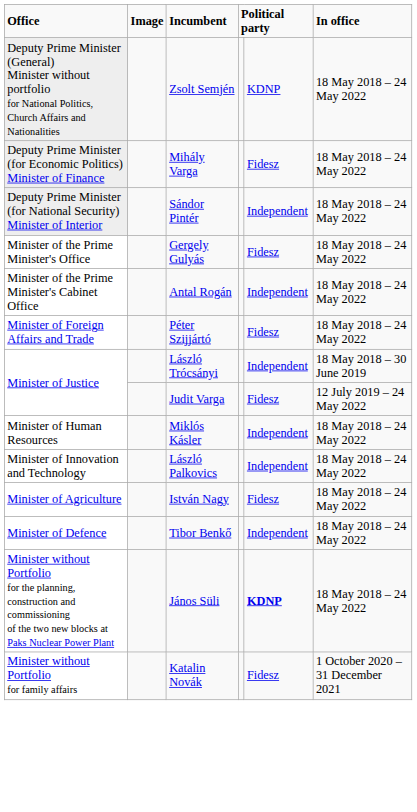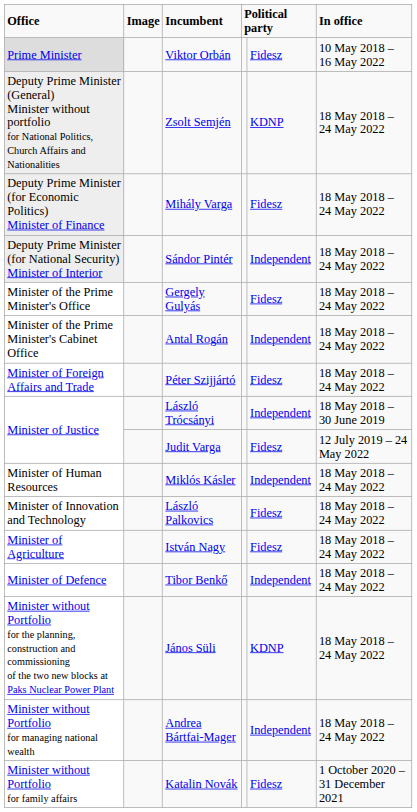 <table class="wikitable" style="width:85%">
 <tr>
 <td><strong>Office</strong></td>
 <td><strong>Image</strong></td>
 <td><strong>Incumbent</strong></td>
 <td colspan="2"><strong>Political party</strong></td>
 <td><strong>In office</strong></td>
+</tr>
+<tr>
+<td bgcolor="#DDDDDD"><a href='#'>Prime Minister</a></td>
+<td></td>
+<td><a href='#'>Viktor Orbán</a></td>
+<td style="color:inherit;background-color: "></td>
+<td><a href='#'>Fidesz</a></td>
+<td>10 May 2018 – 16 May 2022</td>
 </tr>
 <tr>
 <td bgcolor="#EEEEEE">Deputy Prime Minister (General)<br>Minister without portfolio<br><small>for National Politics, Church Affairs and Nationalities</small></td>
 <td></td>
 <td><a href='#'>Zsolt Semjén</a></td>
 <td style="color:inherit;background-color: "></td>
 <td><a href='#'>KDNP</a></td>
 <td>18 May 2018 – 24 May 2022</td>
 </tr>
 <tr>
 <td bgcolor="#EEEEEE">Deputy Prime Minister (for Economic Politics)<br><a href='#'>Minister of Finance</a></td>
 <td></td>
 <td><a href='#'>Mihály Varga</a></td>
 <td style="color:inherit;background-color: "></td>
 <td><a href='#'>Fidesz</a></td>
 <td>18 May 2018 – 24 May 2022</td>
 </tr>
 <tr>
 <td bgcolor="#EEEEEE">Deputy Prime Minister (for National Security)<br><a href='#'>Minister of Interior</a></td>
 <td></td>
 <td><a href='#'>Sándor Pintér</a></td>
 <td style="color:inherit;background-color: "></td>
 <td><a href='#'>Independent</a></td>
 <td>18 May 2018 – 24 May 2022</td>
 </tr>
 <tr>
 <td bgcolor="#FFFFFF">Minister of the Prime Minister's Office</td>
 <td></td>
 <td><a href='#'>Gergely Gulyás</a></td>
 <td style="color:inherit;background-color: "></td>
 <td><a href='#'>Fidesz</a></td>
 <td>18 May 2018 – 24 May 2022</td>
 </tr>
 <tr>
 <td bgcolor="#FFFFFF">Minister of the Prime Minister's Cabinet Office</td>
 <td></td>
 <td><a href='#'>Antal Rogán</a></td>
 <td style="color:inherit;background-color: "></td>
 <td><a href='#'>Independent</a></td>
 <td>18 May 2018 – 24 May 2022</td>
 </tr>
 <tr>
 <td bgcolor="#FFFFFF"><a href='#'>Minister of Foreign Affairs and Trade</a></td>
 <td></td>
 <td><a href='#'>Péter Szijjártó</a></td>
 <td style="color:inherit;background-color: "></td>
 <td><a href='#'>Fidesz</a></td>
 <td>18 May 2018 – 24 May 2022</td>
 </tr>
 <tr>
 <td rowspan="2" bgcolor="#FFFFFF"><a href='#'>Minister of Justice</a></td>
 <td></td>
 <td><a href='#'>László Trócsányi</a></td>
 <td style="color:inherit;background-color: "></td>
 <td><a href='#'>Independent</a></td>
 <td>18 May 2018 – 30 June 2019</td>
 </tr>
 <tr>
 <td></td>
 <td><a href='#'>Judit Varga</a></td>
 <td style="color:inherit;background-color: "></td>
 <td><a href='#'>Fidesz</a></td>
 <td>12 July 2019 – 24 May 2022</td>
 </tr>
 <tr>
 <td bgcolor="#FFFFFF">Minister of Human Resources</td>
 <td></td>
 <td><a href='#'>Miklós Kásler</a></td>
 <td style="color:inherit;background-color: "></td>
 <td><a href='#'>Independent</a></td>
 <td>18 May 2018 – 24 May 2022</td>
 </tr>
 <tr>
 <td bgcolor="#FFFFFF">Minister of Innovation and Technology</td>
 <td></td>
 <td><a href='#'>László Palkovics</a></td>
 <td style="color:inherit;background-color: "></td>
-<td><a href='#'>Independent</a></td>
+<td><a href='#'>Fidesz</a></td>
 <td>18 May 2018 – 24 May 2022</td>
 </tr>
 <tr>
 <td bgcolor="#FFFFFF"><a href='#'>Minister of Agriculture</a></td>
 <td></td>
 <td><a href='#'>István Nagy</a></td>
 <td style="color:inherit;background-color: "></td>
 <td><a href='#'>Fidesz</a></td>
 <td>18 May 2018 – 24 May 2022</td>
 </tr>
 <tr>
 <td bgcolor="#FFFFFF"><a href='#'>Minister of Defence</a></td>
 <td></td>
 <td><a href='#'>Tibor Benkő</a></td>
 <td style="color:inherit;background-color: "></td>
 <td><a href='#'>Independent</a></td>
 <td>18 May 2018 – 24 May 2022</td>
 </tr>
 <tr>
 <td bgcolor="#FFFFFF"><a href='#'>Minister without Portfolio</a><br><small>for the planning, construction and commissioning<br> of the two new blocks at <a href='#'>Paks Nuclear Power Plant</a></small></td>
 <td></td>
 <td><a href='#'>János Süli</a></td>
 <td style="color:inherit;background-color: "></td>
-<td><strong><a href='#'>KDNP</a></strong></td>
+<td><a href='#'>KDNP</a></td>
+<td>18 May 2018 – 24 May 2022</td>
+</tr>
+<tr>
+<td bgcolor="#FFFFFF"><a href='#'>Minister without Portfolio</a><br><small>for managing national wealth</small></td>
+<td></td>
+<td><a href='#'>Andrea Bártfai-Mager</a></td>
+<td style="color:inherit;background-color: "></td>
+<td><a href='#'>Independent</a></td>
 <td>18 May 2018 – 24 May 2022</td>
 </tr>
 <tr>
 <td bgcolor="#FFFFFF"><a href='#'>Minister without Portfolio</a><br><small>for family affairs</small></td>
 <td></td>
 <td><a href='#'>Katalin Novák</a></td>
 <td style="color:inherit;background-color: "></td>
 <td><a href='#'>Fidesz</a></td>
 <td>1 October 2020 – 31 December 2021</td>
 </tr>
 </table>
